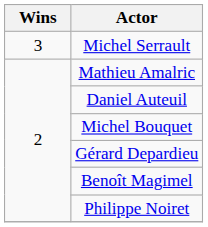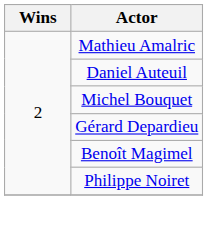 <table class="wikitable" style="text-align: center">
 <tr>
 <th scope="col" width="55">Wins</th>
 <th scope="col">Actor</th>
-</tr>
-<tr>
-<td style="text-align:center">3</td>
-<td><a href='#'>Michel Serrault</a></td>
 </tr>
 <tr>
 <td rowspan=6 style="text-align:center">2</td>
 <td><a href='#'>Mathieu Amalric</a></td>
 </tr>
 <tr>
 <td><a href='#'>Daniel Auteuil</a></td>
 </tr>
 <tr>
 <td><a href='#'>Michel Bouquet</a></td>
 </tr>
 <tr>
 <td><a href='#'>Gérard Depardieu</a></td>
 </tr>
 <tr>
 <td><a href='#'>Benoît Magimel</a></td>
 </tr>
 <tr>
 <td><a href='#'>Philippe Noiret</a></td>
 </tr>
 <tr>
 </tr>
 </table>
